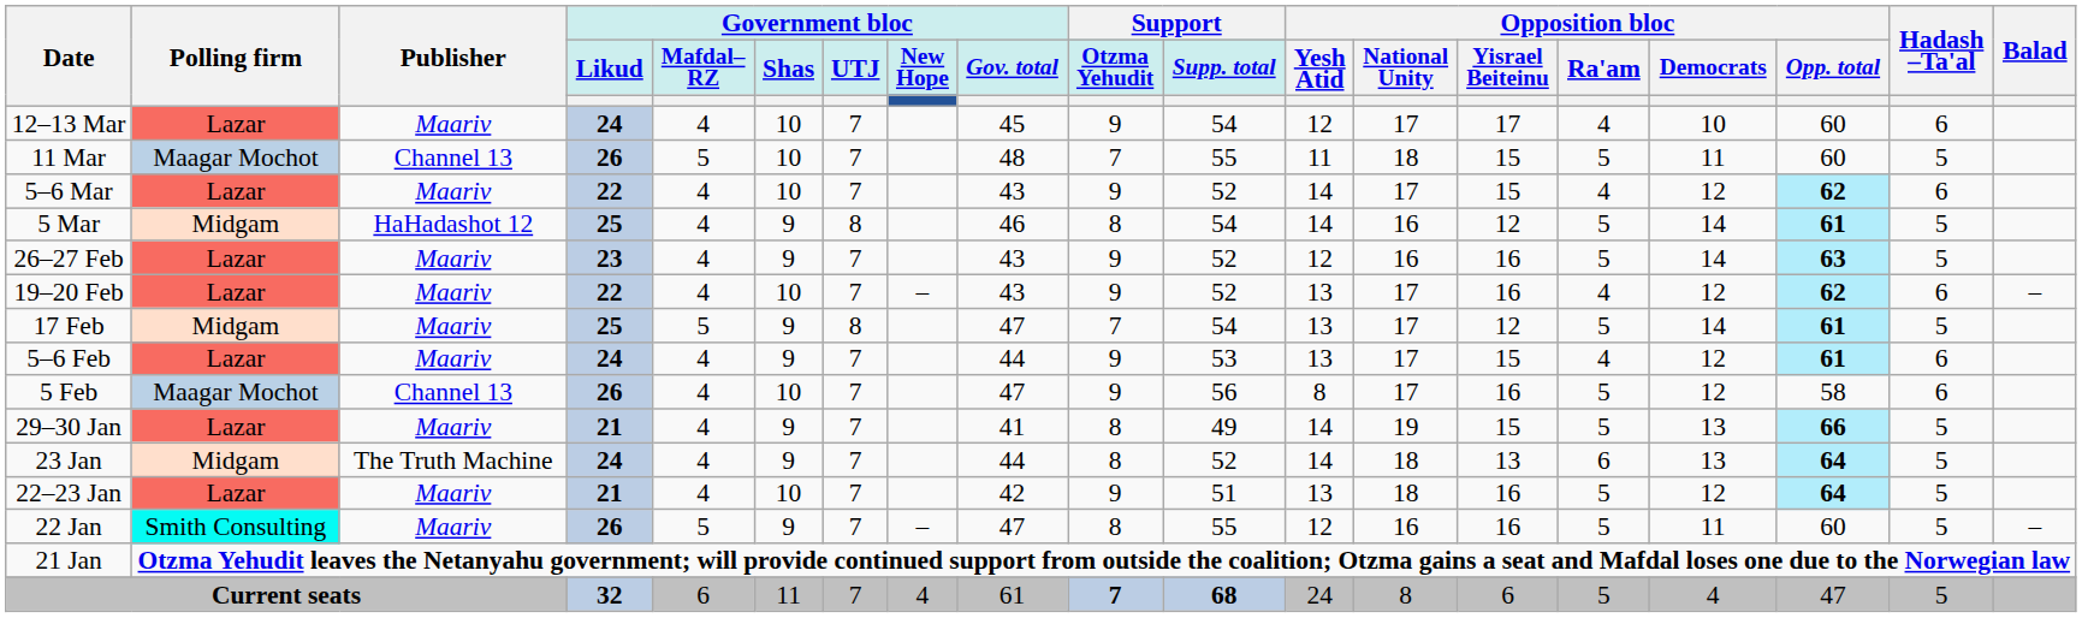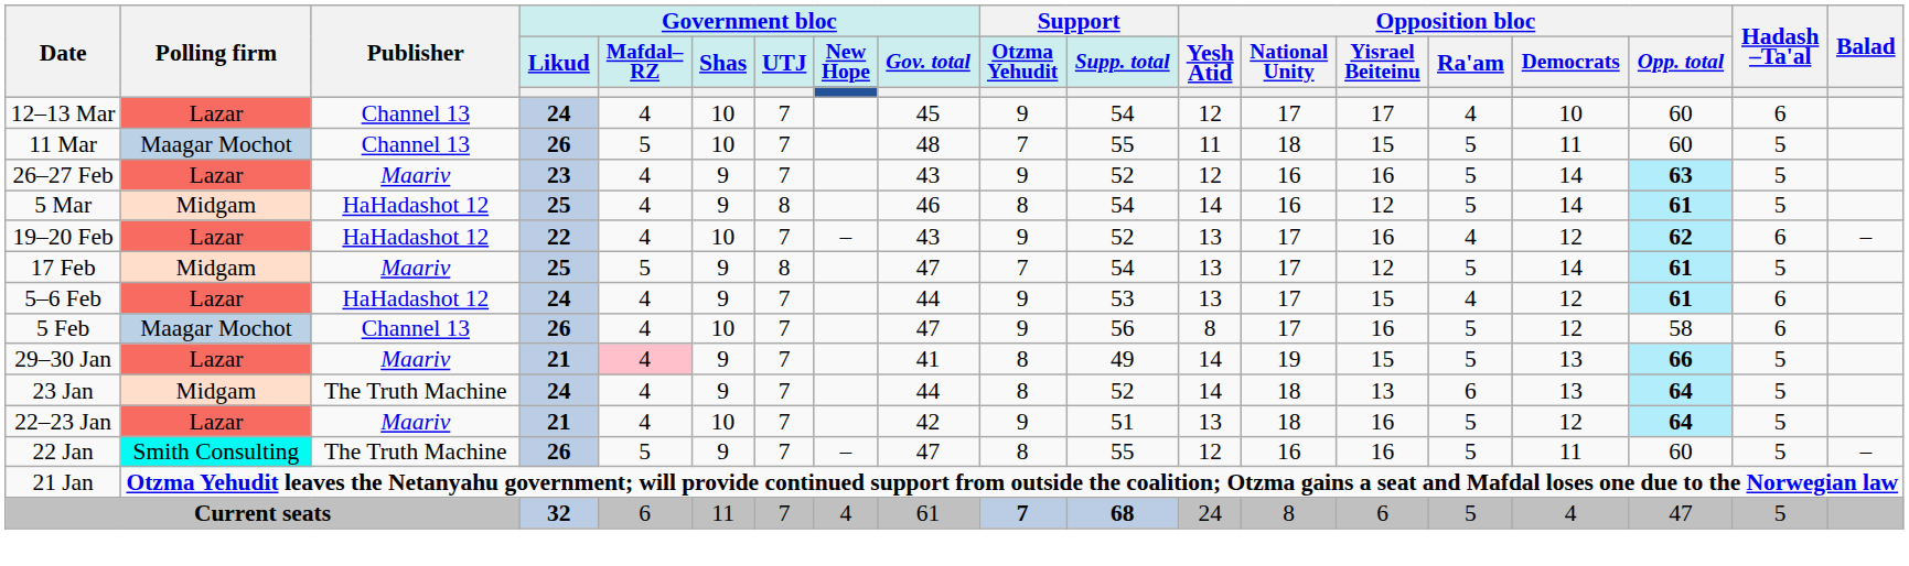 <table class="wikitable sortable" style="text-align:center;font-size:90%;line-height:12px">
 <tr>
 <th rowspan="3">Date</th>
 <th rowspan="3">Polling firm</th>
 <th rowspan="3">Publisher</th>
 <th colspan="6" style="background:#cee;"><a href='#'>Government bloc</a></th>
 <th colspan="2"><a href='#'>Support</a></th>
 <th colspan="6"><a href='#'>Opposition bloc</a></th>
 <th rowspan="2"><a href='#'>Hadash<br>–Ta'al</a></th>
 <th rowspan="2"><a href='#'>Balad</a></th>
 </tr>
 <tr>
 <th style="background:#cee"><a href='#'>Likud</a></th>
 <th style="background:#cee;font-size:90%"><a href='#'>Mafdal–<br>RZ</a></th>
 <th style="background:#cee"><a href='#'>Shas</a></th>
 <th style="background:#cee"><a href='#'>UTJ</a></th>
 <th style="background:#cee;font-size:90%"><a href='#'>New<br>Hope</a></th>
 <th style="background:#cee;font-size:90%"><a href='#'><em>Gov. total</em></a></th>
 <th style="background:#cee;font-size:90%"><a href='#'>Otzma<br>Yehudit</a></th>
 <th style="background:#cee;font-size:90%"><a href='#'><em>Supp. total</em></a></th>
 <th><a href='#'>Yesh<br>Atid</a></th>
 <th style="font-size:90%"><a href='#'>National<br>Unity</a></th>
 <th style="font-size:90%"><a href='#'>Yisrael<br>Beiteinu</a></th>
 <th><a href='#'>Ra'am</a></th>
 <th style="font-size:90%"><a href='#'>Democrats</a></th>
 <th style="font-size:90%"><a href='#'><em>Opp. total</em></a></th>
 </tr>
 <tr>
 <th style="background:"></th>
 <th style="background:"></th>
 <th style="background:"></th>
 <th style="background:"></th>
 <th style="background:#235298"></th>
 <th style="background:"></th>
 <th style="background:"></th>
 <th style="background:"></th>
 <th style="background:"></th>
 <th style="background:"></th>
 <th style="background:"></th>
 <th style="background:"></th>
 <th style="background:"></th>
 <th style="background:"></th>
 <th style="background:"></th>
 <th style="background:"></th>
 </tr>
 <tr>
 <td data-sort-value=2025-03-12>12–13 Mar</td>
 <td style=background:#F86B61>Lazar</td>
-<td><a href='#'><em>Maariv</em></a></td>
+<td><a href='#'>Channel 13</a></td>
 <td style=background:#BBCDE4><strong>24</strong></td>
 <td>4					</td>
 <td>10                 </td>
 <td>7                  </td>
 <td>   </td>
 <td>45                 </td>
 <td>9                  </td>
 <td>54                 </td>
 <td>12                 </td>
 <td>17                 </td>
 <td>17                 </td>
 <td>4                  </td>
 <td>10                 </td>
 <td>60	                </td>
 <td>6                  </td>
 <td>   </td>
 </tr>
 <tr>
 <td data-sort-value=2025-03-11>11 Mar</td>
 <td style=background:#BAD1E6>Maagar Mochot</td>
 <td><a href='#'>Channel 13</a></td>
 <td style=background:#BBCDE4><strong>26</strong></td>
 <td>5					</td>
 <td>10                 </td>
 <td>7                  </td>
 <td>   </td>
 <td>48                 </td>
 <td>7					</td>
 <td>55                 </td>
 <td>11                 </td>
 <td>18                 </td>
 <td>15                 </td>
 <td>5                  </td>
 <td>11                 </td>
 <td>60	                </td>
 <td>5                  </td>
 <td>   </td>
 </tr>
 <tr>
-<td data-sort-value=2025-03-05>5–6 Mar</td>
+<td data-sort-value=2025-02-26>26–27 Feb</td>
 <td style=background:#F86B61>Lazar</td>
 <td><a href='#'><em>Maariv</em></a></td>
-<td style=background:#BBCDE4><strong>22</strong></td>
+<td style=background:#BBCDE4><strong>23</strong></td>
 <td>4					</td>
-<td>10                 </td>
+<td>9                  </td>
 <td>7                  </td>
 <td>   </td>
 <td>43                 </td>
 <td>9                  </td>
 <td>52                 </td>
+<td>12                 </td>
+<td>16                 </td>
+<td>16                 </td>
+<td>5                  </td>
 <td>14                 </td>
-<td>17                 </td>
-<td>15                 </td>
-<td>4                  </td>
-<td>12                 </td>
-<td style=background:#B2EDFB><strong>62</strong></td>
-<td>6                  </td>
+<td style=background:#B2EDFB><strong>63</strong></td>
+<td>5                  </td>
 <td>   </td>
 </tr>
 <tr>
 <td data-sort-value=2025-03-05>5 Mar</td>
 <td style=background:#FFDFCC>Midgam</td>
 <td><a href='#'>HaHadashot 12</a></td>
 <td style=background:#BBCDE4><strong>25</strong></td>
 <td>4					</td>
 <td>9                  </td>
 <td>8                  </td>
 <td>   </td>
 <td>46                 </td>
 <td>8                  </td>
 <td>54                 </td>
 <td>14                 </td>
 <td>16                 </td>
 <td>12                 </td>
 <td>5                  </td>
 <td>14                 </td>
 <td style=background:#B2EDFB><strong>61</strong></td>
 <td>5                  </td>
 <td>   </td>
 </tr>
 <tr>
-<td data-sort-value=2025-02-26>26–27 Feb</td>
-<td style=background:#F86B61>Lazar</td>
-<td><a href='#'><em>Maariv</em></a></td>
-<td style=background:#BBCDE4><strong>23</strong></td>
-<td>4					</td>
-<td>9                  </td>
-<td>7                  </td>
-<td>   </td>
-<td>43                 </td>
-<td>9                  </td>
-<td>52                 </td>
-<td>12                 </td>
-<td>16                 </td>
-<td>16                 </td>
-<td>5                  </td>
-<td>14                 </td>
-<td style=background:#B2EDFB><strong>63</strong></td>
-<td>5                  </td>
-<td>   </td>
-</tr>
-<tr>
 <td data-sort-value=2025-02-19>19–20 Feb</td>
 <td style=background:#F86B61>Lazar</td>
-<td><a href='#'><em>Maariv</em></a></td>
+<td><a href='#'>HaHadashot 12</a></td>
 <td style=background:#BBCDE4><strong>22</strong></td>
 <td>4					</td>
 <td>10                 </td>
 <td>7                  </td>
 <td>–                  </td>
 <td>43                 </td>
 <td>9                  </td>
 <td>52                 </td>
 <td>13                 </td>
 <td>17                 </td>
 <td>16                 </td>
 <td>4                  </td>
 <td>12                 </td>
 <td style=background:#B2EDFB><strong>62</strong></td>
 <td>6                  </td>
 <td>–                  </td>
 </tr>
 <tr>
 <td data-sort-value=2025-02-17>17 Feb</td>
 <td style=background:#FFDFCC>Midgam</td>
 <td><a href='#'><em>Maariv</em></a></td>
 <td style=background:#BBCDE4><strong>25</strong></td>
 <td>5					</td>
 <td>9                  </td>
 <td>8                  </td>
 <td>   </td>
 <td>47                 </td>
 <td>7                  </td>
 <td>54                 </td>
 <td>13                 </td>
 <td>17                 </td>
 <td>12                 </td>
 <td>5                  </td>
 <td>14                 </td>
 <td style=background:#B2EDFB><strong>61</strong></td>
 <td>5                  </td>
 <td>   </td>
 </tr>
 <tr>
 <td data-sort-value=2025-02-06>5–6 Feb</td>
 <td style=background:#F86B61>Lazar</td>
-<td><a href='#'><em>Maariv</em></a></td>
+<td><a href='#'>HaHadashot 12</a></td>
 <td style=background:#BBCDE4><strong>24</strong></td>
 <td>4					</td>
 <td>9                  </td>
 <td>7                  </td>
 <td>   </td>
 <td>44                 </td>
 <td>9                  </td>
 <td>53                 </td>
 <td>13                 </td>
 <td>17                 </td>
 <td>15                 </td>
 <td>4                  </td>
 <td>12                 </td>
 <td style=background:#B2EDFB><strong>61</strong></td>
 <td>6                  </td>
 <td>   </td>
 </tr>
 <tr>
 <td data-sort-value=2025-02-05>5 Feb</td>
 <td style=background:#BAD1E6>Maagar Mochot</td>
 <td><a href='#'>Channel 13</a></td>
 <td style=background:#BBCDE4><strong>26</strong></td>
 <td>4					</td>
 <td>10                 </td>
 <td>7                  </td>
 <td>   </td>
 <td>47                 </td>
 <td>9					</td>
 <td>56                 </td>
 <td>8                  </td>
 <td>17                 </td>
 <td>16                 </td>
 <td>5                  </td>
 <td>12                 </td>
 <td>58	                </td>
 <td>6                  </td>
 <td>   </td>
 </tr>
 <tr>
 <td>29–30 Jan</td>
 <td style=background:#F86B61>Lazar</td>
 <td><a href='#'><em>Maariv</em></a></td>
 <td style=background:#BBCDE4><strong>21</strong></td>
-<td>4</td>
+<td style="background: pink;">4</td>
 <td>9</td>
 <td>7</td>
 <td></td>
 <td>41</td>
 <td>8</td>
 <td>49</td>
 <td>14</td>
 <td>19</td>
 <td>15</td>
 <td>5</td>
 <td>13</td>
 <td style=background:#B2EDFB><strong>66</strong></td>
 <td>5</td>
 <td></td>
 </tr>
 <tr>
 <td>23 Jan</td>
 <td style=background:#FFDFCC>Midgam</td>
 <td>The Truth Machine</td>
 <td style=background:#BBCDE4><strong>24</strong></td>
 <td>4</td>
 <td>9</td>
 <td>7</td>
 <td></td>
 <td>44</td>
 <td>8</td>
 <td>52</td>
 <td>14</td>
 <td>18</td>
 <td>13</td>
 <td>6</td>
 <td>13</td>
 <td style=background:#B2EDFB><strong>64</strong></td>
 <td>5</td>
 <td></td>
 </tr>
 <tr>
 <td>22–23 Jan</td>
 <td style=background:#F86B61>Lazar</td>
 <td><a href='#'><em>Maariv</em></a></td>
 <td style=background:#BBCDE4><strong>21</strong></td>
 <td>4</td>
 <td>10</td>
 <td>7</td>
 <td></td>
 <td>42</td>
 <td>9</td>
 <td>51</td>
 <td>13</td>
 <td>18</td>
 <td>16</td>
 <td>5</td>
 <td>12</td>
 <td style=background:#B2EDFB><strong>64</strong></td>
 <td>5</td>
 <td></td>
 </tr>
 <tr>
 <td data-sort-value=2025-01-22>22 Jan</td>
 <td style=background:#04FBF4>Smith Consulting</td>
-<td><a href='#'><em>Maariv</em></a></td>
+<td>The Truth Machine</td>
 <td style=background:#BBCDE4><strong>26</strong> </td>
 <td>5</td>
 <td>9</td>
 <td>7</td>
 <td>–</td>
 <td>47</td>
 <td>8</td>
 <td>55</td>
 <td>12</td>
 <td>16</td>
 <td>16</td>
 <td>5</td>
 <td>11</td>
 <td>60</td>
 <td>5</td>
 <td>–</td>
 </tr>
 <tr>
 <td data-sort-value=2025-01-21>21 Jan</td>
 <td colspan="18"><strong><a href='#'>Otzma Yehudit</a> leaves the Netanyahu government; will provide continued support from outside the coalition; Otzma gains a seat and Mafdal loses one due to the <a href='#'>Norwegian law</a></strong></td>
 </tr>
 <tr>
 <td colspan=3 style=background:#c0c0c0><strong>Current seats</strong></td>
 <td style=background:#BBCDE4><strong>32</strong> </td>
 <td style=background:#c0c0c0>6  </td>
 <td style=background:#c0c0c0>11  </td>
 <td style=background:#c0c0c0>7 </td>
 <td style=background:#c0c0c0>4  </td>
 <td style=background:#c0c0c0>61  </td>
 <td style=background:#bbcde4><strong>7</strong>	</td>
 <td style=background:#bbcde4><strong>68</strong>	</td>
 <td style=background:#c0c0c0>24 </td>
 <td style=background:#c0c0c0>8  </td>
 <td style=background:#c0c0c0>6  </td>
 <td style=background:#c0c0c0>5  </td>
 <td style=background:#c0c0c0>4  </td>
 <td style=background:#c0c0c0>47 </td>
 <td style=background:#c0c0c0>5  </td>
 <td style=background:#c0c0c0></td>
 </tr>
 </table>
